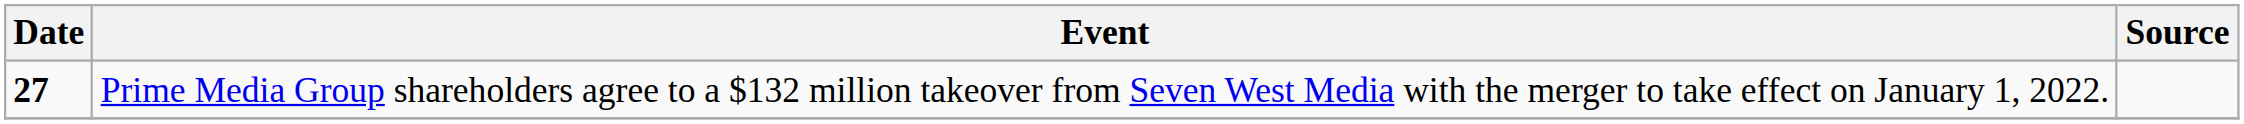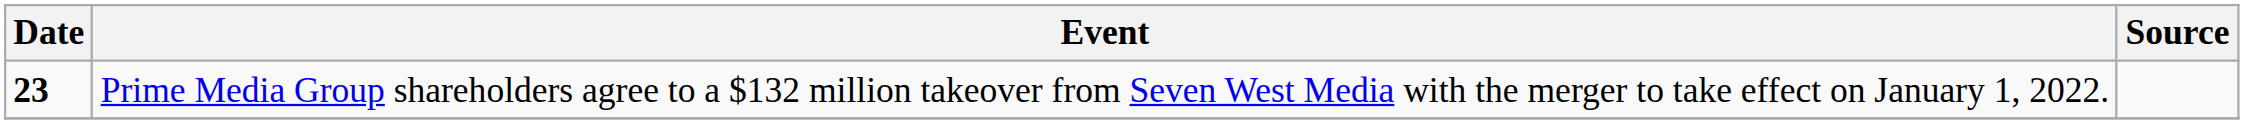 <table class="wikitable">
 <tr>
 <th>Date</th>
 <th>Event</th>
 <th>Source</th>
 </tr>
 <tr>
-<td><strong>27</strong></td>
+<td><strong>23</strong></td>
 <td><a href='#'>Prime Media Group</a> shareholders agree to a $132 million takeover from <a href='#'>Seven West Media</a> with the merger to take effect on January 1, 2022.</td>
 <td></td>
 </tr>
 <tr>
 </tr>
 </table>
